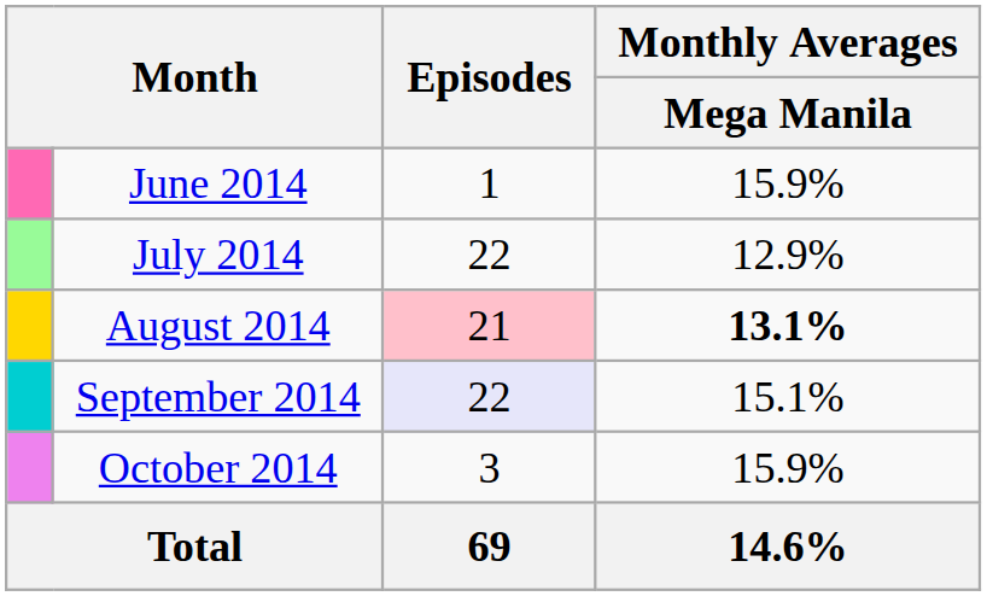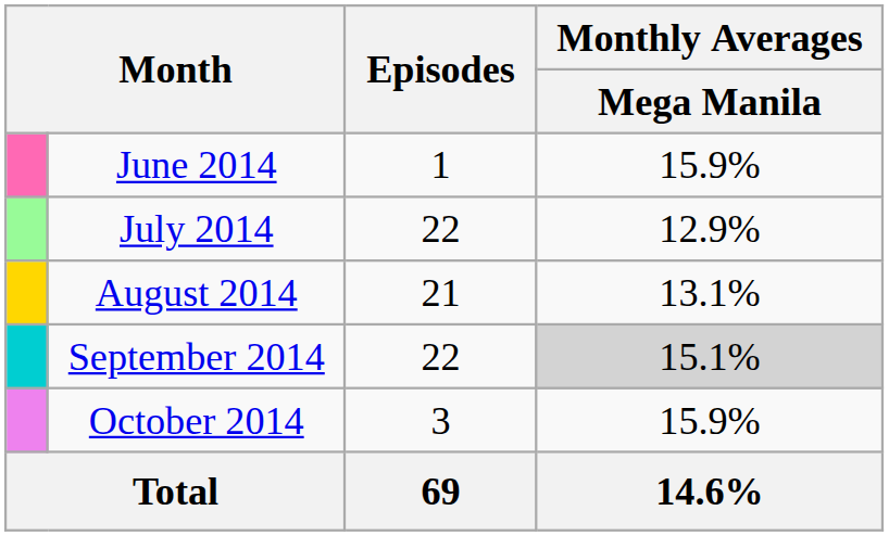 <table class="wikitable plainrowheaders" style="text-align: center; line-height:25px;">
 <tr class="wikitable" style="text-align: center;">
 <th colspan="2" rowspan="2" style="padding: 0 8px;">Month</th>
 <th rowspan="2" style="padding: 0 8px;">Episodes</th>
 <th colspan="2" style="padding: 0 8px;">Monthly Averages</th>
 </tr>
 <tr>
 <th style="padding: 0 8px;">Mega Manila</th>
 </tr>
 <tr>
 <td style="padding: 0 8px; background:#FF69B4;"></td>
 <td style="padding: 0 8px;" '><a href='#'>June 2014</a></td>
 <td style="padding: 0 8px;">1</td>
 <td style="padding: 0 8px;">15.9%</td>
 </tr>
 <tr>
 <td style="padding: 0 8px; background:#98FB98;"></td>
 <td style="padding: 0 8px;" '><a href='#'>July 2014</a></td>
 <td style="padding: 0 8px;">22</td>
 <td style="padding: 0 8px;">12.9%</td>
 </tr>
 <tr>
 <td style="padding: 0 8px; background:#FFD700;"></td>
 <td style="padding: 0 8px;" '><a href='#'>August 2014</a></td>
-<td style="background: pink; padding: 0 8px;">21</td>
-<td style="padding: 0 8px;"><strong>13.1%</strong></td>
+<td style="padding: 0 8px;">21</td>
+<td style="padding: 0 8px;">13.1%</td>
 </tr>
 <tr>
 <td style="padding: 0 8px; background:#00CED1;"></td>
 <td style="padding: 0 8px;" '><a href='#'>September 2014</a></td>
-<td style="background: lavender; padding: 0 8px;">22</td>
-<td style="padding: 0 8px;">15.1%</td>
+<td style="padding: 0 8px;">22</td>
+<td style="background: lightgrey; padding: 0 8px;">15.1%</td>
 </tr>
 <tr>
 <td style="padding: 0 8px; background:#EE82EE;"></td>
 <td style="padding: 0 8px;" '><a href='#'>October 2014</a></td>
 <td style="padding: 0 8px;">3</td>
 <td style="padding: 0 8px;">15.9%</td>
 </tr>
 <tr>
 <th colspan="2">Total</th>
 <th colspan="1">69</th>
 <th colspan="2">14.6%</th>
 </tr>
 </table>
